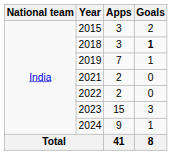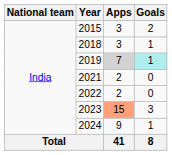 <table class="wikitable" style="text-align: center;">
 <tr>
 <th>National team</th>
 <th>Year</th>
 <th>Apps</th>
 <th>Goals</th>
 </tr>
 <tr>
 <td rowspan="7"><a href='#'>India</a></td>
 <td>2015</td>
 <td>3</td>
 <td>2</td>
 </tr>
 <tr>
 <td>2018</td>
 <td>3</td>
-<td><strong>1</strong></td>
+<td>1</td>
 </tr>
 <tr>
 <td>2019</td>
-<td>7</td>
-<td>1</td>
+<td style="background: lightgrey;">7</td>
+<td style="background: paleturquoise;">1</td>
 </tr>
 <tr>
 <td>2021</td>
 <td>2</td>
 <td>0</td>
 </tr>
 <tr>
 <td>2022</td>
 <td>2</td>
 <td>0</td>
 </tr>
 <tr>
 <td>2023</td>
-<td>15</td>
+<td style="background: lightsalmon;">15</td>
 <td>3</td>
 </tr>
 <tr>
 <td>2024</td>
 <td>9</td>
 <td>1</td>
 </tr>
 <tr>
 <th colspan="2">Total</th>
 <th>41</th>
 <th>8</th>
 </tr>
 </table>
